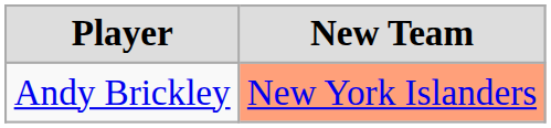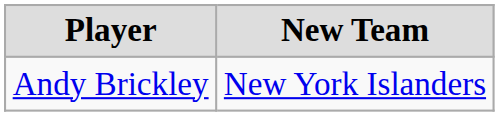 <table class="wikitable">
 <tr align="center"  bgcolor="#dddddd">
 <td><strong>Player</strong></td>
 <td><strong>New Team</strong></td>
 </tr>
 <tr>
 <td><a href='#'>Andy Brickley</a></td>
-<td style="background: lightsalmon;"><a href='#'>New York Islanders</a></td>
+<td><a href='#'>New York Islanders</a></td>
 </tr>
 </table>
